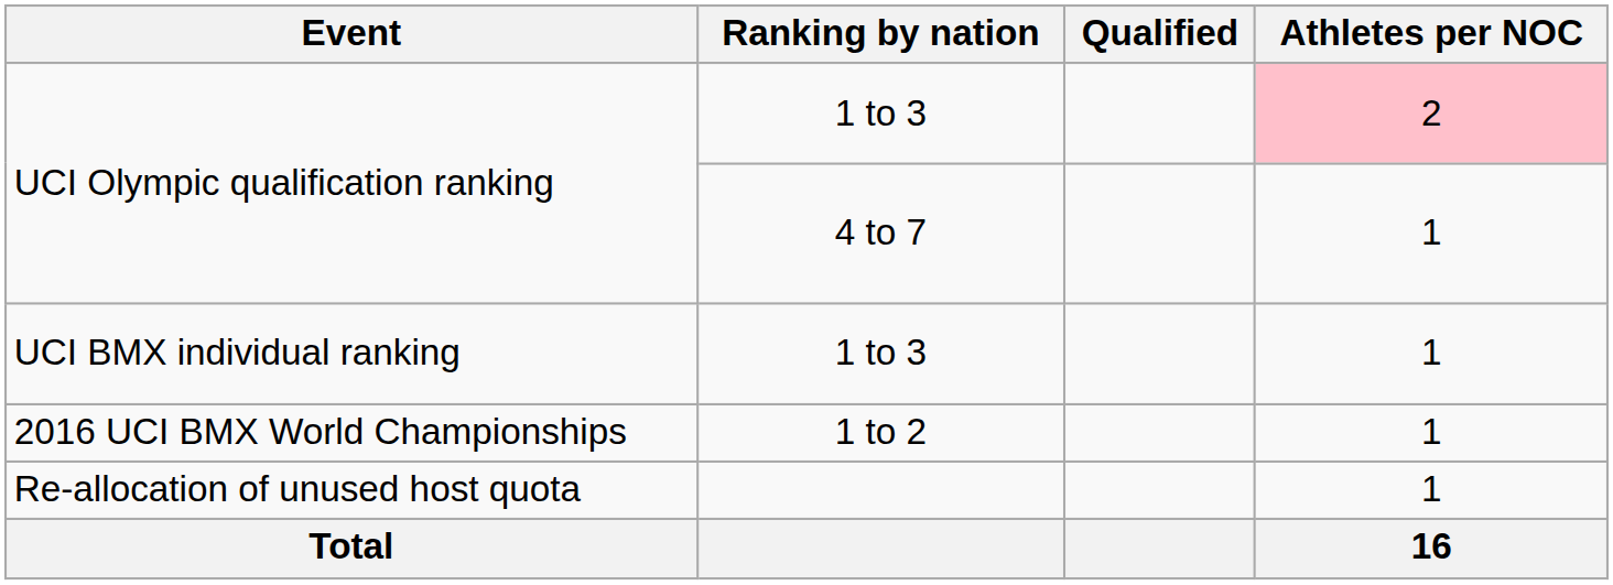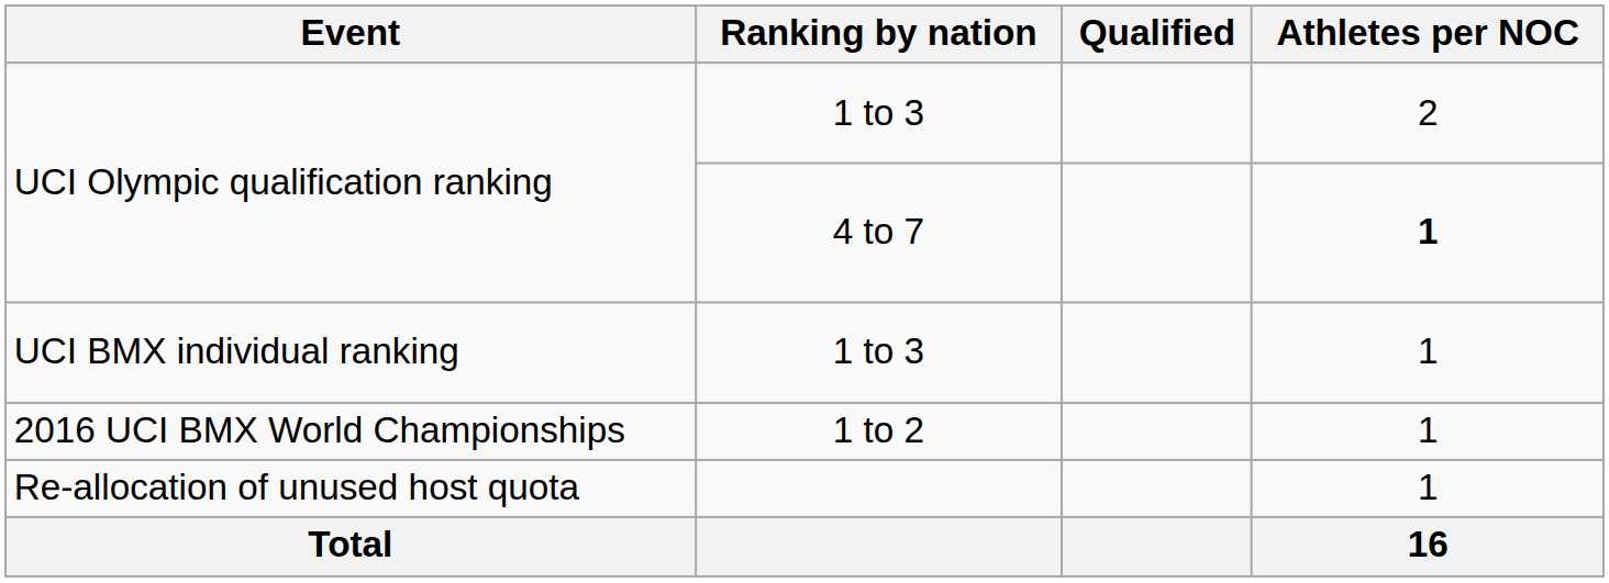 <table class="wikitable"  style="width:700px; text-align:center;">
 <tr>
 <th>Event</th>
 <th>Ranking by nation</th>
 <th>Qualified</th>
 <th>Athletes per NOC</th>
 </tr>
 <tr>
 <td rowspan=2 align=left>UCI Olympic qualification ranking</td>
 <td>1 to 3</td>
 <td align="left"><br><br></td>
-<td style="background: pink;">2</td>
+<td>2</td>
 </tr>
 <tr>
 <td>4 to 7</td>
 <td align="left"><br><br><br></td>
-<td>1</td>
+<td><strong>1</strong></td>
 </tr>
 <tr>
 <td align=left>UCI BMX individual ranking</td>
 <td>1 to 3</td>
 <td align="left"><br><br></td>
 <td>1</td>
 </tr>
 <tr>
 <td align=left>2016 UCI BMX World Championships</td>
 <td>1 to 2</td>
 <td align="left"><br></td>
 <td>1</td>
 </tr>
 <tr>
 <td align=left>Re-allocation of unused host quota</td>
 <td></td>
 <td align="left"></td>
 <td>1</td>
 </tr>
 <tr>
 <th>Total</th>
 <th></th>
 <th></th>
 <th>16</th>
 </tr>
 </table>
